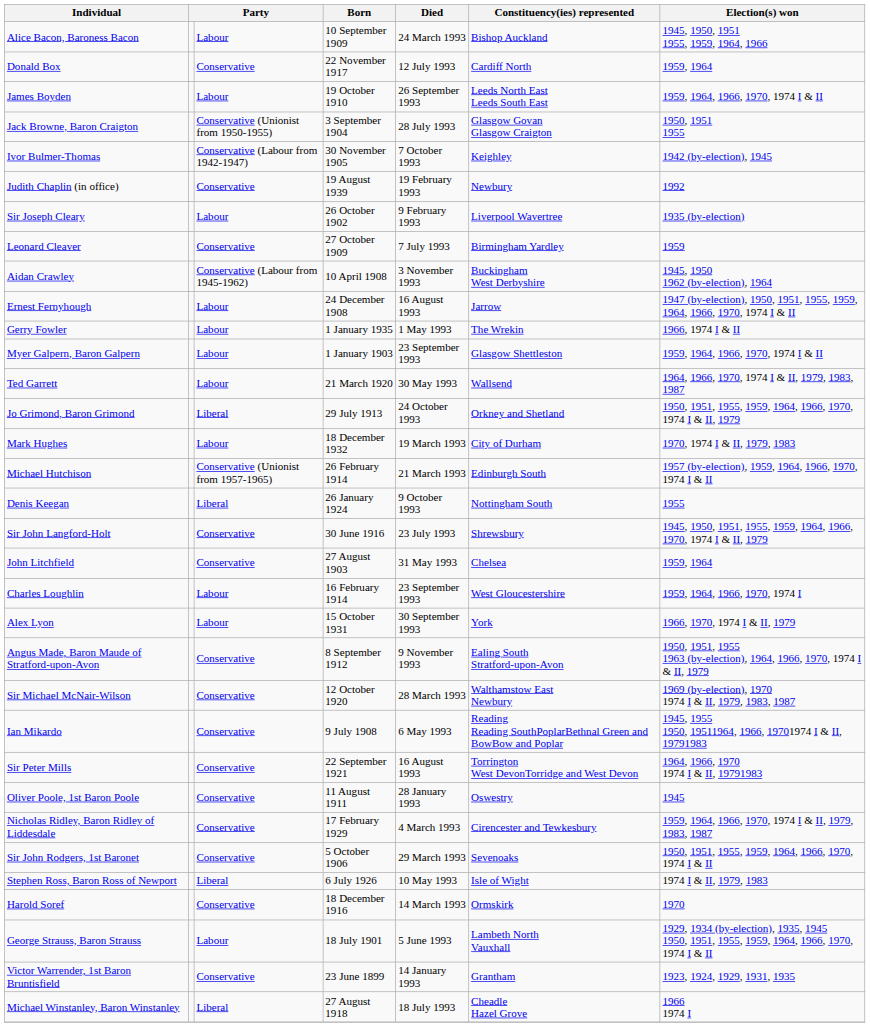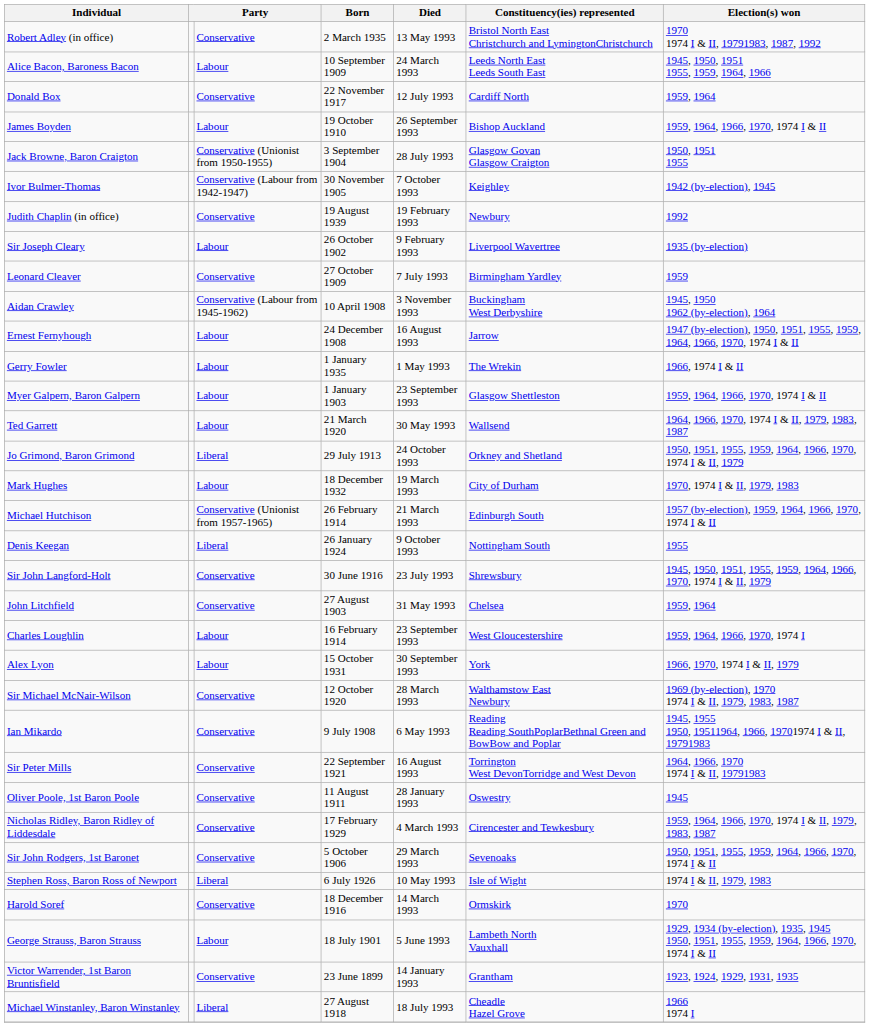 <table class="wikitable sortable">
 <tr>
 <th width="260px">Individual</th>
 <th colspan="2">Party</th>
 <th>Born</th>
 <th>Died</th>
 <th>Constituency(ies) represented</th>
 <th>Election(s) won</th>
 </tr>
 <tr>
+<td><a href='#'>Robert Adley</a> (in office)</td>
+<td style="background-color: "></td>
+<td><a href='#'>Conservative</a></td>
+<td>2 March 1935</td>
+<td>13 May 1993</td>
+<td><a href='#'>Bristol North East</a><br><a href='#'>Christchurch and Lymington</a><a href='#'>Christchurch</a></td>
+<td><a href='#'>1970</a><br>1974 <a href='#'>I</a> & <a href='#'>II</a>, <a href='#'>1979</a><a href='#'>1983</a>, <a href='#'>1987</a>, <a href='#'>1992</a></td>
+</tr>
+<tr>
 <td><a href='#'>Alice Bacon, Baroness Bacon</a></td>
 <td style="background-color: "></td>
 <td><a href='#'>Labour</a></td>
 <td>10 September 1909</td>
 <td>24 March 1993</td>
-<td><a href='#'>Bishop Auckland</a></td>
+<td><a href='#'>Leeds North East</a><br><a href='#'>Leeds South East</a></td>
 <td><a href='#'>1945</a>, <a href='#'>1950</a>, <a href='#'>1951</a><br><a href='#'>1955</a>, <a href='#'>1959</a>, <a href='#'>1964</a>, <a href='#'>1966</a></td>
 </tr>
 <tr>
 <td><a href='#'>Donald Box</a></td>
 <td style="background-color: "></td>
 <td><a href='#'>Conservative</a></td>
 <td>22 November 1917</td>
 <td>12 July 1993</td>
 <td><a href='#'>Cardiff North</a></td>
 <td><a href='#'>1959</a>, <a href='#'>1964</a></td>
 </tr>
 <tr>
 <td><a href='#'>James Boyden</a></td>
 <td style="background-color: "></td>
 <td><a href='#'>Labour</a></td>
 <td>19 October 1910</td>
 <td>26 September 1993</td>
-<td><a href='#'>Leeds North East</a><br><a href='#'>Leeds South East</a></td>
+<td><a href='#'>Bishop Auckland</a></td>
 <td><a href='#'>1959</a>, <a href='#'>1964</a>, <a href='#'>1966</a>, <a href='#'>1970</a>, 1974 <a href='#'>I</a> & <a href='#'>II</a></td>
 </tr>
 <tr>
 <td><a href='#'>Jack Browne, Baron Craigton</a></td>
 <td style="background-color: "></td>
 <td><a href='#'>Conservative</a> (Unionist from 1950-1955)</td>
 <td>3 September 1904</td>
 <td>28 July 1993</td>
 <td><a href='#'>Glasgow Govan</a><br><a href='#'>Glasgow Craigton</a></td>
 <td><a href='#'>1950</a>, <a href='#'>1951</a><br><a href='#'>1955</a></td>
 </tr>
 <tr>
 <td><a href='#'>Ivor Bulmer-Thomas</a></td>
 <td style="background-color: "></td>
 <td><a href='#'>Conservative</a> (Labour from 1942-1947)</td>
 <td>30 November 1905</td>
 <td>7 October 1993</td>
 <td><a href='#'>Keighley</a></td>
 <td><a href='#'>1942 (by-election)</a>, <a href='#'>1945</a></td>
 </tr>
 <tr>
 <td><a href='#'>Judith Chaplin</a> (in office)</td>
 <td style="background-color: "></td>
 <td><a href='#'>Conservative</a></td>
 <td>19 August 1939</td>
 <td>19 February 1993</td>
 <td><a href='#'>Newbury</a></td>
 <td><a href='#'>1992</a></td>
 </tr>
 <tr>
 <td><a href='#'>Sir Joseph Cleary</a></td>
 <td style="background-color: "></td>
 <td><a href='#'>Labour</a></td>
 <td>26 October 1902</td>
 <td>9 February 1993</td>
 <td><a href='#'>Liverpool Wavertree</a></td>
 <td><a href='#'>1935 (by-election)</a></td>
 </tr>
 <tr>
 <td><a href='#'>Leonard Cleaver</a></td>
 <td style="background-color: "></td>
 <td><a href='#'>Conservative</a></td>
 <td>27 October 1909</td>
 <td>7 July 1993</td>
 <td><a href='#'>Birmingham Yardley</a></td>
 <td><a href='#'>1959</a></td>
 </tr>
 <tr>
 <td><a href='#'>Aidan Crawley</a></td>
 <td style="background-color: "></td>
 <td><a href='#'>Conservative</a> (Labour from 1945-1962)</td>
 <td>10 April 1908</td>
 <td>3 November 1993</td>
 <td><a href='#'>Buckingham</a><br><a href='#'>West Derbyshire</a></td>
 <td><a href='#'>1945</a>, <a href='#'>1950</a><br><a href='#'>1962 (by-election)</a>, <a href='#'>1964</a></td>
 </tr>
 <tr>
 <td><a href='#'>Ernest Fernyhough</a></td>
 <td style="background-color: "></td>
 <td><a href='#'>Labour</a></td>
 <td>24 December 1908</td>
 <td>16 August 1993</td>
 <td><a href='#'>Jarrow</a></td>
 <td><a href='#'>1947 (by-election)</a>, <a href='#'>1950</a>, <a href='#'>1951</a>, <a href='#'>1955</a>, <a href='#'>1959</a>, <a href='#'>1964</a>, <a href='#'>1966</a>, <a href='#'>1970</a>, 1974 <a href='#'>I</a> & <a href='#'>II</a></td>
 </tr>
 <tr>
 <td><a href='#'>Gerry Fowler</a></td>
 <td style="background-color: "></td>
 <td><a href='#'>Labour</a></td>
 <td>1 January 1935</td>
 <td>1 May 1993</td>
 <td><a href='#'>The Wrekin</a></td>
 <td><a href='#'>1966</a>, 1974 <a href='#'>I</a> & <a href='#'>II</a></td>
 </tr>
 <tr>
 <td><a href='#'>Myer Galpern, Baron Galpern</a></td>
 <td style="background-color: "></td>
 <td><a href='#'>Labour</a></td>
 <td>1 January 1903</td>
 <td>23 September 1993</td>
 <td><a href='#'>Glasgow Shettleston</a></td>
 <td><a href='#'>1959</a>, <a href='#'>1964</a>, <a href='#'>1966</a>, <a href='#'>1970</a>, 1974 <a href='#'>I</a> & <a href='#'>II</a></td>
 </tr>
 <tr>
 <td><a href='#'>Ted Garrett</a></td>
 <td style="background-color: "></td>
 <td><a href='#'>Labour</a></td>
 <td>21 March 1920</td>
 <td>30 May 1993</td>
 <td><a href='#'>Wallsend</a></td>
 <td><a href='#'>1964</a>, <a href='#'>1966</a>, <a href='#'>1970</a>, 1974 <a href='#'>I</a> & <a href='#'>II</a>, <a href='#'>1979</a>, <a href='#'>1983</a>, <a href='#'>1987</a></td>
 </tr>
 <tr>
 <td><a href='#'>Jo Grimond, Baron Grimond</a></td>
 <td style="background-color: "></td>
 <td><a href='#'>Liberal</a></td>
 <td>29 July 1913</td>
 <td>24 October 1993</td>
 <td><a href='#'>Orkney and Shetland</a></td>
 <td><a href='#'>1950</a>, <a href='#'>1951</a>, <a href='#'>1955</a>, <a href='#'>1959</a>, <a href='#'>1964</a>, <a href='#'>1966</a>, <a href='#'>1970</a>, 1974 <a href='#'>I</a> & <a href='#'>II</a>, <a href='#'>1979</a></td>
 </tr>
 <tr>
 <td><a href='#'>Mark Hughes</a></td>
 <td style="background-color: "></td>
 <td><a href='#'>Labour</a></td>
 <td>18 December 1932</td>
 <td>19 March 1993</td>
 <td><a href='#'>City of Durham</a></td>
 <td><a href='#'>1970</a>, 1974 <a href='#'>I</a> & <a href='#'>II</a>, <a href='#'>1979</a>, <a href='#'>1983</a></td>
 </tr>
 <tr>
 <td><a href='#'>Michael Hutchison</a></td>
 <td style="background-color: "></td>
 <td><a href='#'>Conservative</a> (Unionist from 1957-1965)</td>
 <td>26 February 1914</td>
 <td>21 March 1993</td>
 <td><a href='#'>Edinburgh South</a></td>
 <td><a href='#'>1957 (by-election)</a>, <a href='#'>1959</a>, <a href='#'>1964</a>, <a href='#'>1966</a>, <a href='#'>1970</a>, 1974 <a href='#'>I</a> & <a href='#'>II</a></td>
 </tr>
 <tr>
 <td><a href='#'>Denis Keegan</a></td>
 <td style="background-color: "></td>
 <td><a href='#'>Liberal</a></td>
 <td>26 January 1924</td>
 <td>9 October 1993</td>
 <td><a href='#'>Nottingham South</a></td>
 <td><a href='#'>1955</a></td>
 </tr>
 <tr>
 <td><a href='#'>Sir John Langford-Holt</a></td>
 <td style="background-color: "></td>
 <td><a href='#'>Conservative</a></td>
 <td>30 June 1916</td>
 <td>23 July 1993</td>
 <td><a href='#'>Shrewsbury</a></td>
 <td><a href='#'>1945</a>, <a href='#'>1950</a>, <a href='#'>1951</a>, <a href='#'>1955</a>, <a href='#'>1959</a>, <a href='#'>1964</a>, <a href='#'>1966</a>, <a href='#'>1970</a>, 1974 <a href='#'>I</a> & <a href='#'>II</a>, <a href='#'>1979</a></td>
 </tr>
 <tr>
 <td><a href='#'>John Litchfield</a></td>
 <td style="background-color: "></td>
 <td><a href='#'>Conservative</a></td>
 <td>27 August 1903</td>
 <td>31 May 1993</td>
 <td><a href='#'>Chelsea</a></td>
 <td><a href='#'>1959</a>, <a href='#'>1964</a></td>
 </tr>
 <tr>
 <td><a href='#'>Charles Loughlin</a></td>
 <td style="background-color: "></td>
 <td><a href='#'>Labour</a></td>
 <td>16 February 1914</td>
 <td>23 September 1993</td>
 <td><a href='#'>West Gloucestershire</a></td>
 <td><a href='#'>1959</a>, <a href='#'>1964</a>, <a href='#'>1966</a>, <a href='#'>1970</a>, 1974 <a href='#'>I</a></td>
 </tr>
 <tr>
 <td><a href='#'>Alex Lyon</a></td>
 <td style="background-color: "></td>
 <td><a href='#'>Labour</a></td>
 <td>15 October 1931</td>
 <td>30 September 1993</td>
 <td><a href='#'>York</a></td>
 <td><a href='#'>1966</a>, <a href='#'>1970</a>, 1974 <a href='#'>I</a> & <a href='#'>II</a>, <a href='#'>1979</a></td>
 </tr>
 <tr>
-<td><a href='#'>Angus Made, Baron Maude of Stratford-upon-Avon</a></td>
-<td style="background-color: "></td>
-<td><a href='#'>Conservative</a></td>
-<td>8 September 1912</td>
-<td>9 November 1993</td>
-<td><a href='#'>Ealing South</a><br><a href='#'>Stratford-upon-Avon</a></td>
-<td><a href='#'>1950</a>, <a href='#'>1951</a>, <a href='#'>1955</a><br><a href='#'>1963 (by-election)</a>, <a href='#'>1964</a>, <a href='#'>1966</a>, <a href='#'>1970</a>, 1974 <a href='#'>I</a> & <a href='#'>II</a>, <a href='#'>1979</a></td>
-</tr>
-<tr>
 <td><a href='#'>Sir Michael McNair-Wilson</a></td>
 <td style="background-color: "></td>
 <td><a href='#'>Conservative</a></td>
 <td>12 October 1920</td>
 <td>28 March 1993</td>
 <td><a href='#'>Walthamstow East</a><br><a href='#'>Newbury</a></td>
 <td><a href='#'>1969 (by-election)</a>, <a href='#'>1970</a><br>1974 <a href='#'>I</a> & <a href='#'>II</a>, <a href='#'>1979</a>, <a href='#'>1983</a>, <a href='#'>1987</a></td>
 </tr>
 <tr>
 <td><a href='#'>Ian Mikardo</a></td>
 <td style="background-color: "></td>
 <td><a href='#'>Conservative</a></td>
 <td>9 July 1908</td>
 <td>6 May 1993</td>
 <td><a href='#'>Reading</a><br><a href='#'>Reading South</a><a href='#'>Poplar</a><a href='#'>Bethnal Green and Bow</a><a href='#'>Bow and Poplar</a></td>
 <td><a href='#'>1945</a>, <a href='#'>1955</a><br><a href='#'>1950</a>, <a href='#'>1951</a><a href='#'>1964</a>, <a href='#'>1966</a>, <a href='#'>1970</a>1974 <a href='#'>I</a> & <a href='#'>II</a>, <a href='#'>1979</a><a href='#'>1983</a></td>
 </tr>
 <tr>
 <td><a href='#'>Sir Peter Mills</a></td>
 <td style="background-color: "></td>
 <td><a href='#'>Conservative</a></td>
 <td>22 September 1921</td>
 <td>16 August 1993</td>
 <td><a href='#'>Torrington</a><br><a href='#'>West Devon</a><a href='#'>Torridge and West Devon</a></td>
 <td><a href='#'>1964</a>, <a href='#'>1966</a>, <a href='#'>1970</a><br>1974 <a href='#'>I</a> & <a href='#'>II</a>, <a href='#'>1979</a><a href='#'>1983</a></td>
 </tr>
 <tr>
 <td><a href='#'>Oliver Poole, 1st Baron Poole</a></td>
 <td style="background-color: "></td>
 <td><a href='#'>Conservative</a></td>
 <td>11 August 1911</td>
 <td>28 January 1993</td>
 <td><a href='#'>Oswestry</a></td>
 <td><a href='#'>1945</a></td>
 </tr>
 <tr>
 <td><a href='#'>Nicholas Ridley, Baron Ridley of Liddesdale</a></td>
 <td style="background-color: "></td>
 <td><a href='#'>Conservative</a></td>
 <td>17 February 1929</td>
 <td>4 March 1993</td>
 <td><a href='#'>Cirencester and Tewkesbury</a></td>
 <td><a href='#'>1959</a>, <a href='#'>1964</a>, <a href='#'>1966</a>, <a href='#'>1970</a>, 1974 <a href='#'>I</a> & <a href='#'>II</a>, <a href='#'>1979</a>, <a href='#'>1983</a>, <a href='#'>1987</a></td>
 </tr>
 <tr>
 <td><a href='#'>Sir John Rodgers, 1st Baronet</a></td>
 <td style="background-color: "></td>
 <td><a href='#'>Conservative</a></td>
 <td>5 October 1906</td>
 <td>29 March 1993</td>
 <td><a href='#'>Sevenoaks</a></td>
 <td><a href='#'>1950</a>, <a href='#'>1951</a>, <a href='#'>1955</a>, <a href='#'>1959</a>, <a href='#'>1964</a>, <a href='#'>1966</a>, <a href='#'>1970</a>, 1974 <a href='#'>I</a> & <a href='#'>II</a></td>
 </tr>
 <tr>
 <td><a href='#'>Stephen Ross, Baron Ross of Newport</a></td>
 <td style="background-color: "></td>
 <td><a href='#'>Liberal</a></td>
 <td>6 July 1926</td>
 <td>10 May 1993</td>
 <td><a href='#'>Isle of Wight</a></td>
 <td>1974 <a href='#'>I</a> & <a href='#'>II</a>, <a href='#'>1979</a>, <a href='#'>1983</a></td>
 </tr>
 <tr>
 <td><a href='#'>Harold Soref</a></td>
 <td style="background-color: "></td>
 <td><a href='#'>Conservative</a></td>
 <td>18 December 1916</td>
 <td>14 March 1993</td>
 <td><a href='#'>Ormskirk</a></td>
 <td><a href='#'>1970</a></td>
 </tr>
 <tr>
 <td><a href='#'>George Strauss, Baron Strauss</a></td>
 <td style="background-color: "></td>
 <td><a href='#'>Labour</a></td>
 <td>18 July 1901</td>
 <td>5 June 1993</td>
 <td><a href='#'>Lambeth North</a><br><a href='#'>Vauxhall</a></td>
 <td><a href='#'>1929</a>, <a href='#'>1934 (by-election)</a>, <a href='#'>1935</a>, <a href='#'>1945</a><br><a href='#'>1950</a>, <a href='#'>1951</a>, <a href='#'>1955</a>, <a href='#'>1959</a>, <a href='#'>1964</a>, <a href='#'>1966</a>, <a href='#'>1970</a>, 1974 <a href='#'>I</a> & <a href='#'>II</a></td>
 </tr>
 <tr>
 <td><a href='#'>Victor Warrender, 1st Baron Bruntisfield</a></td>
 <td style="background-color: "></td>
 <td><a href='#'>Conservative</a></td>
 <td>23 June 1899</td>
 <td>14 January 1993</td>
 <td><a href='#'>Grantham</a></td>
 <td><a href='#'>1923</a>, <a href='#'>1924</a>, <a href='#'>1929</a>, <a href='#'>1931</a>, <a href='#'>1935</a></td>
 </tr>
 <tr>
 <td><a href='#'>Michael Winstanley, Baron Winstanley</a></td>
 <td style="background-color: "></td>
 <td><a href='#'>Liberal</a></td>
 <td>27 August 1918</td>
 <td>18 July 1993</td>
 <td><a href='#'>Cheadle</a><br><a href='#'>Hazel Grove</a></td>
 <td><a href='#'>1966</a><br>1974 <a href='#'>I</a></td>
 </tr>
 <tr>
 </tr>
 </table>
